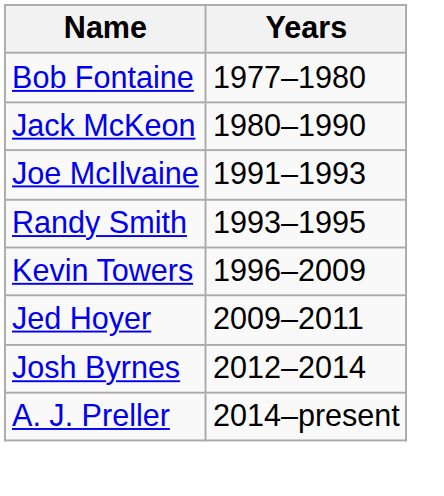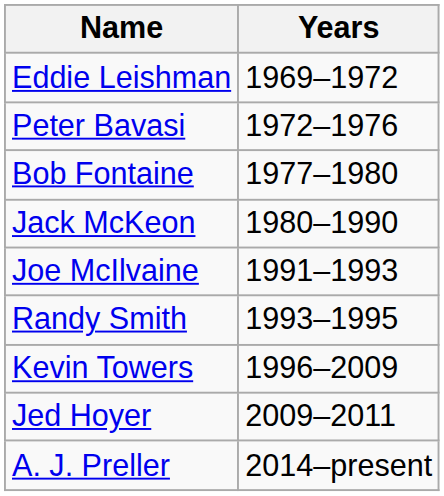 <table class="wikitable">
 <tr>
 <th>Name</th>
 <th>Years</th>
+</tr>
+<tr>
+<td><a href='#'>Eddie Leishman</a></td>
+<td>1969–1972</td>
+</tr>
+<tr>
+<td><a href='#'>Peter Bavasi</a></td>
+<td>1972–1976</td>
 </tr>
 <tr>
 <td><a href='#'>Bob Fontaine</a></td>
 <td>1977–1980</td>
 </tr>
 <tr>
 <td><a href='#'>Jack McKeon</a></td>
 <td>1980–1990</td>
 </tr>
 <tr>
 <td><a href='#'>Joe McIlvaine</a></td>
 <td>1991–1993</td>
 </tr>
 <tr>
 <td><a href='#'>Randy Smith</a></td>
 <td>1993–1995</td>
 </tr>
 <tr>
 <td><a href='#'>Kevin Towers</a></td>
 <td>1996–2009</td>
 </tr>
 <tr>
 <td><a href='#'>Jed Hoyer</a></td>
 <td>2009–2011</td>
 </tr>
 <tr>
-<td><a href='#'>Josh Byrnes</a></td>
-<td>2012–2014</td>
-</tr>
-<tr>
 <td><a href='#'>A. J. Preller</a></td>
 <td>2014–present</td>
 </tr>
 </table>
